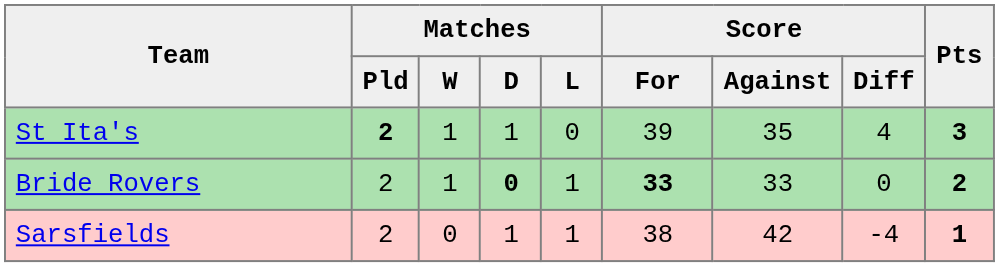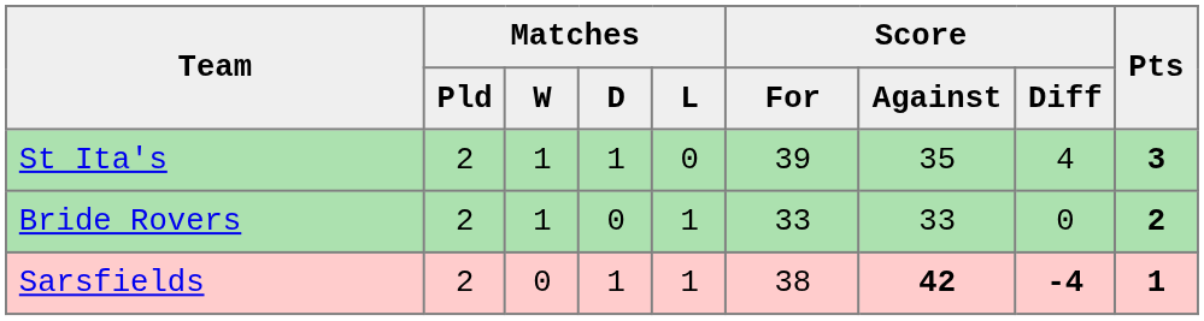 <table style=border-collapse:collapse border=1 cellspacing=0 cellpadding=5>
 <tr align=center bgcolor=#efefef>
 <th rowspan=2 width=165>Team</th>
 <th colspan=4>Matches</th>
 <th colspan=3>Score</th>
 <th rowspan=2width=20>Pts</th>
 </tr>
 <tr align=center bgcolor=#efefef>
 <th width=20>Pld</th>
 <th width=20>W</th>
 <th width=20>D</th>
 <th width=20>L</th>
 <th width=45>For</th>
 <th width=45>Against</th>
 <th width=30>Diff</th>
 </tr>
 <tr align=center style="background:#ACE1AF;">
 <td style="text-align:left;"><a href='#'>St Ita's</a></td>
-<td><strong>2</strong></td>
+<td>2</td>
 <td>1</td>
 <td>1</td>
 <td>0</td>
 <td>39</td>
 <td>35</td>
 <td>4</td>
 <td><strong>3</strong></td>
 </tr>
 <tr align=center style="background:#ACE1AF;">
 <td style="text-align:left;"><a href='#'>Bride Rovers</a></td>
 <td>2</td>
 <td>1</td>
-<td><strong>0</strong></td>
+<td>0</td>
 <td>1</td>
-<td><strong>33</strong></td>
+<td>33</td>
 <td>33</td>
 <td>0</td>
 <td><strong>2</strong></td>
 </tr>
 <tr align=center style="background:#ffcccc;">
 <td style="text-align:left;"><a href='#'>Sarsfields</a></td>
 <td>2</td>
 <td>0</td>
 <td>1</td>
 <td>1</td>
 <td>38</td>
-<td>42</td>
-<td>-4</td>
+<td><strong>42</strong></td>
+<td><strong>-4</strong></td>
 <td><strong>1</strong></td>
 </tr>
 </table>
